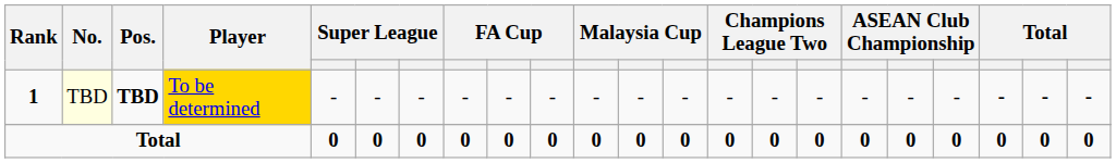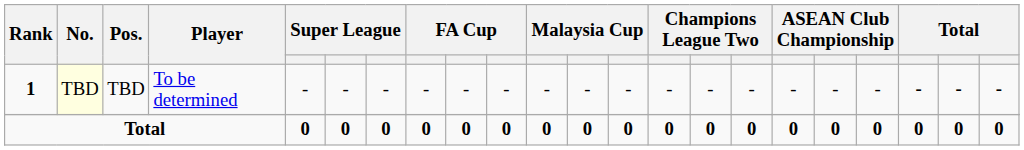 <table class="wikitable sortable" style="text-align:center">
 <tr>
 <th rowspan="2">Rank</th>
 <th rowspan="2">No.</th>
 <th rowspan="2">Pos.</th>
 <th rowspan="2">Player</th>
 <th colspan="3" style="width:100px;">Super League</th>
 <th colspan="3" style="width:100px;">FA Cup</th>
 <th colspan="3" style="width:100px;">Malaysia Cup</th>
 <th colspan="3" style="width:100px;">Champions League Two</th>
 <th colspan="3" style="width:100px;">ASEAN Club Championship</th>
 <th colspan="3" style="width:100px;">Total</th>
 </tr>
 <tr>
 <th></th>
 <th></th>
 <th></th>
 <th></th>
 <th></th>
 <th></th>
 <th></th>
 <th></th>
 <th></th>
 <th></th>
 <th></th>
 <th></th>
 <th></th>
 <th></th>
 <th></th>
 <th></th>
 <th></th>
 <th></th>
 </tr>
 <tr>
 <td><strong>1</strong></td>
 <td style="background: lightyellow;">TBD</td>
-<td><strong>TBD</strong></td>
-<td align="left" style="background: gold;"><a href='#'>To be determined</a></td>
+<td>TBD</td>
+<td align="left"><a href='#'>To be determined</a></td>
 <td>-</td>
 <td>-</td>
 <td>-</td>
 <td>-</td>
 <td>-</td>
 <td>-</td>
 <td>-</td>
 <td>-</td>
 <td>-</td>
 <td>-</td>
 <td>-</td>
 <td>-</td>
 <td>-</td>
 <td>-</td>
 <td>-</td>
 <td><strong>-</strong></td>
 <td><strong>-</strong></td>
 <td><strong>-</strong></td>
 </tr>
 <tr>
 </tr>
 <tr class="sortbottom">
 <td colspan="4"><strong>Total</strong></td>
 <td><strong>0</strong></td>
 <td><strong>0</strong></td>
 <td><strong>0</strong></td>
 <td><strong>0</strong></td>
 <td><strong>0</strong></td>
 <td><strong>0</strong></td>
 <td><strong>0</strong></td>
 <td><strong>0</strong></td>
 <td><strong>0</strong></td>
 <td><strong>0</strong></td>
 <td><strong>0</strong></td>
 <td><strong>0</strong></td>
 <td><strong>0</strong></td>
 <td><strong>0</strong></td>
 <td><strong>0</strong></td>
 <td><strong>0</strong></td>
 <td><strong>0</strong></td>
 <td><strong>0</strong></td>
 </tr>
 </table>
